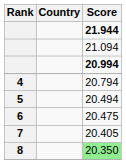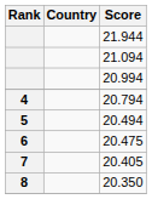 <table class="wikitable sortable">
 <tr>
 <th>Rank</th>
 <th>Country</th>
 <th>Score</th>
 </tr>
 <tr>
 <th></th>
 <td></td>
-<td><strong>21.944</strong></td>
+<td>21.944</td>
 </tr>
 <tr>
 <th></th>
 <td></td>
 <td>21.094</td>
 </tr>
 <tr>
 <th></th>
 <td></td>
-<td><strong>20.994</strong></td>
+<td>20.994</td>
 </tr>
 <tr>
 </tr>
 <tr>
 <th>4</th>
 <td></td>
 <td>20.794</td>
 </tr>
 <tr>
 <th>5</th>
 <td></td>
 <td>20.494</td>
 </tr>
 <tr>
 <th>6</th>
 <td></td>
 <td>20.475</td>
 </tr>
 <tr>
 <th>7</th>
 <td></td>
 <td>20.405</td>
 </tr>
 <tr>
 <th>8</th>
 <td></td>
-<td style="background: lightgreen;">20.350</td>
+<td>20.350</td>
 </tr>
 <tr>
 </tr>
 </table>
